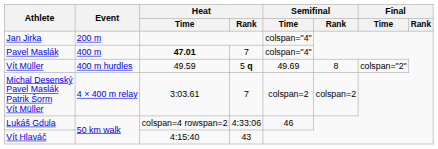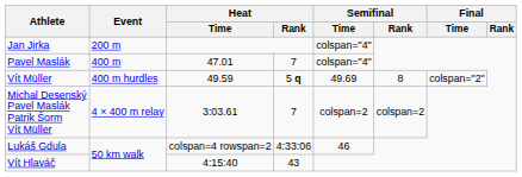 <table class=wikitable style=font-size:90%;text-align:center>
 <tr>
 <th rowspan=2>Athlete</th>
 <th rowspan=2>Event</th>
 <th colspan=2>Heat</th>
 <th colspan=2>Semifinal</th>
 <th colspan=2>Final</th>
 </tr>
 <tr style=font-size:95%>
 <th>Time</th>
 <th>Rank</th>
 <th>Time</th>
 <th>Rank</th>
 <th>Time</th>
 <th>Rank</th>
 </tr>
 <tr>
 <td align=left><a href='#'>Jan Jirka</a></td>
 <td align=left><a href='#'>200 m</a></td>
 <td colspan=2></td>
 <td>colspan="4" </td>
 </tr>
 <tr>
 <td align=left><a href='#'>Pavel Maslák</a></td>
 <td align=left><a href='#'>400 m</a></td>
-<td><strong>47.01</strong></td>
+<td>47.01</td>
 <td>7</td>
 <td>colspan="4" </td>
 </tr>
 <tr>
 <td align=left><a href='#'>Vít Müller</a></td>
 <td align=left><a href='#'>400 m hurdles</a></td>
 <td>49.59</td>
 <td>5 <strong>q</strong></td>
 <td>49.69</td>
 <td>8</td>
 <td>colspan="2" </td>
 </tr>
 <tr>
 <td align=left><a href='#'>Michal Desenský</a><br><a href='#'>Pavel Maslák</a><br><a href='#'>Patrik Šorm</a><br><a href='#'>Vít Müller</a></td>
 <td align=left><a href='#'>4 × 400 m relay</a></td>
 <td>3:03.61</td>
 <td>7</td>
 <td>colspan=2 </td>
 <td>colspan=2 </td>
 </tr>
 <tr>
 <td align=left><a href='#'>Lukáš Gdula</a></td>
 <td align=left rowspan=2><a href='#'>50 km walk</a></td>
 <td>colspan=4 rowspan=2 </td>
 <td>4:33:06</td>
 <td>46</td>
 </tr>
 <tr>
 <td align=left><a href='#'>Vít Hlaváč</a></td>
 <td>4:15:40</td>
 <td>43</td>
 </tr>
 </table>
